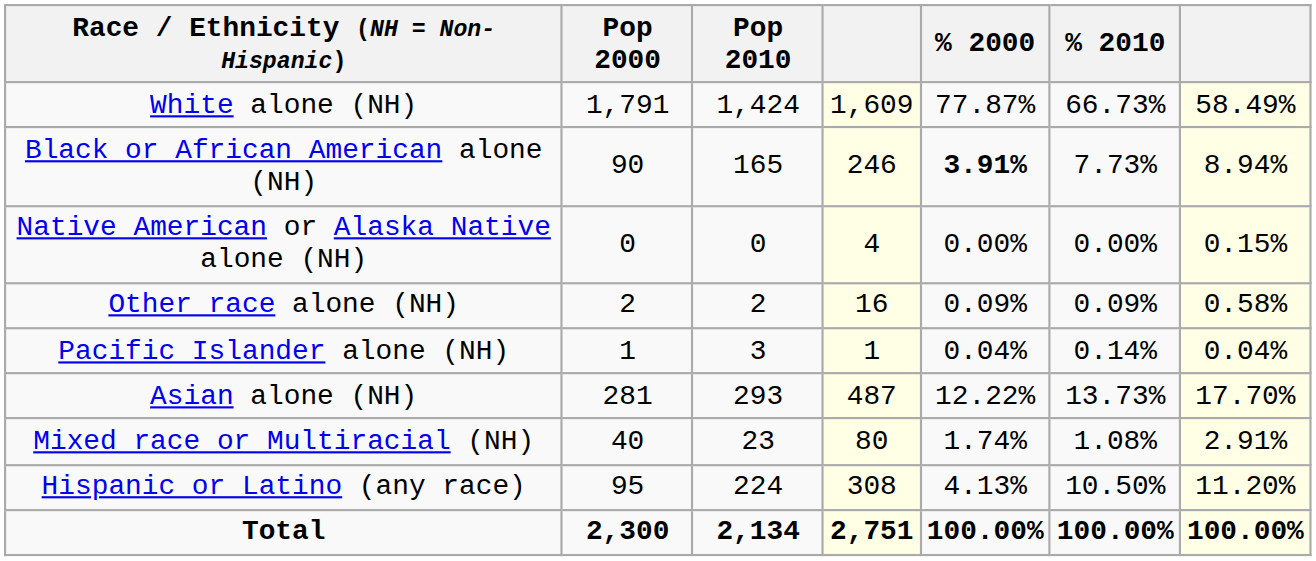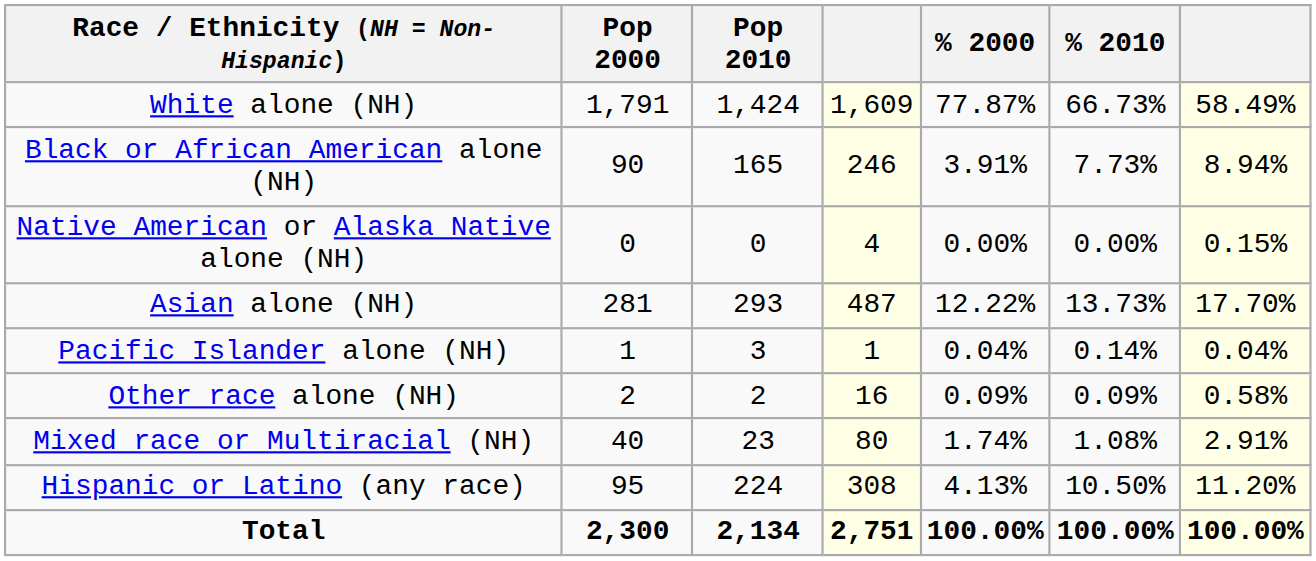 <table class="wikitable" style="text-align:center;">
 <tr>
 <th>Race / Ethnicity <small>(<em>NH = Non-Hispanic</em>)</small></th>
 <th>Pop 2000</th>
 <th>Pop 2010</th>
 <th></th>
 <th>% 2000</th>
 <th>% 2010</th>
 <th></th>
 </tr>
 <tr>
 <td><a href='#'>White</a> alone (NH)</td>
 <td>1,791</td>
 <td>1,424</td>
 <td style='background: #ffffe6;'>1,609</td>
 <td>77.87%</td>
 <td>66.73%</td>
 <td style='background: #ffffe6;'>58.49%</td>
 </tr>
 <tr>
 <td><a href='#'>Black or African American</a> alone (NH)</td>
 <td>90</td>
 <td>165</td>
 <td style='background: #ffffe6;'>246</td>
-<td><strong>3.91%</strong></td>
+<td>3.91%</td>
 <td>7.73%</td>
 <td style='background: #ffffe6;'>8.94%</td>
 </tr>
 <tr>
 <td><a href='#'>Native American</a> or <a href='#'>Alaska Native</a> alone (NH)</td>
 <td>0</td>
 <td>0</td>
 <td style='background: #ffffe6;'>4</td>
 <td>0.00%</td>
 <td>0.00%</td>
 <td style='background: #ffffe6;'>0.15%</td>
 </tr>
 <tr>
-<td><a href='#'>Other race</a> alone (NH)</td>
-<td>2</td>
-<td>2</td>
-<td style='background: #ffffe6;'>16</td>
-<td>0.09%</td>
-<td>0.09%</td>
-<td style='background: #ffffe6;'>0.58%</td>
+<td><a href='#'>Asian</a> alone (NH)</td>
+<td>281</td>
+<td>293</td>
+<td style='background: #ffffe6;'>487</td>
+<td>12.22%</td>
+<td>13.73%</td>
+<td style='background: #ffffe6;'>17.70%</td>
 </tr>
 <tr>
 <td><a href='#'>Pacific Islander</a> alone (NH)</td>
 <td>1</td>
 <td>3</td>
 <td style='background: #ffffe6;'>1</td>
 <td>0.04%</td>
 <td>0.14%</td>
 <td style='background: #ffffe6;'>0.04%</td>
 </tr>
 <tr>
-<td><a href='#'>Asian</a> alone (NH)</td>
-<td>281</td>
-<td>293</td>
-<td style='background: #ffffe6;'>487</td>
-<td>12.22%</td>
-<td>13.73%</td>
-<td style='background: #ffffe6;'>17.70%</td>
+<td><a href='#'>Other race</a> alone (NH)</td>
+<td>2</td>
+<td>2</td>
+<td style='background: #ffffe6;'>16</td>
+<td>0.09%</td>
+<td>0.09%</td>
+<td style='background: #ffffe6;'>0.58%</td>
 </tr>
 <tr>
 <td><a href='#'>Mixed race or Multiracial</a> (NH)</td>
 <td>40</td>
 <td>23</td>
 <td style='background: #ffffe6;'>80</td>
 <td>1.74%</td>
 <td>1.08%</td>
 <td style='background: #ffffe6;'>2.91%</td>
 </tr>
 <tr>
 <td><a href='#'>Hispanic or Latino</a> (any race)</td>
 <td>95</td>
 <td>224</td>
 <td style='background: #ffffe6;'>308</td>
 <td>4.13%</td>
 <td>10.50%</td>
 <td style='background: #ffffe6;'>11.20%</td>
 </tr>
 <tr>
 <td><strong>Total</strong></td>
 <td><strong>2,300</strong></td>
 <td><strong>2,134</strong></td>
 <td style='background: #ffffe6;'><strong>2,751</strong></td>
 <td><strong>100.00%</strong></td>
 <td><strong>100.00%</strong></td>
 <td style='background: #ffffe6;'><strong>100.00%</strong></td>
 </tr>
 </table>
